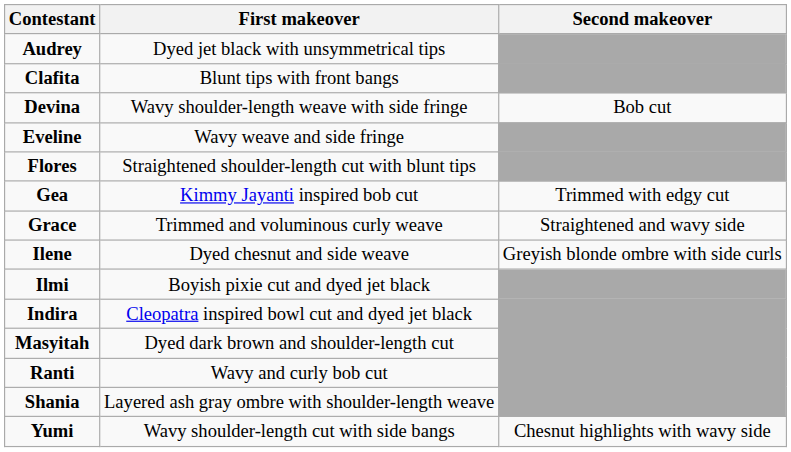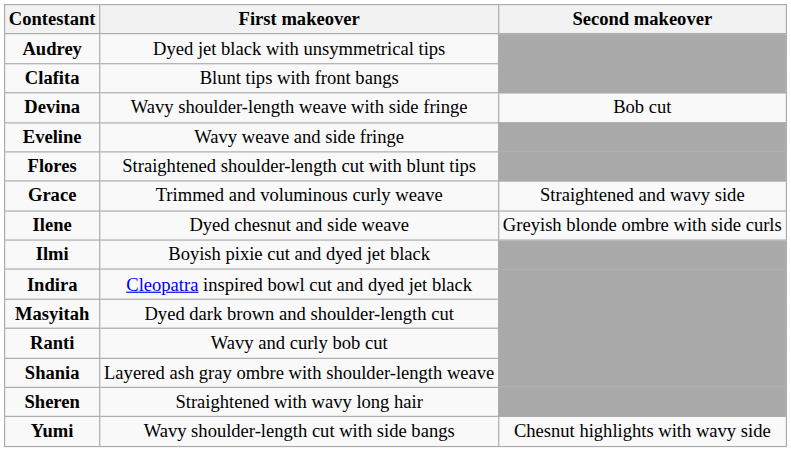 <table class="wikitable" style="text-align:center;">
 <tr>
 <th>Contestant</th>
 <th>First makeover</th>
 <th>Second makeover</th>
 </tr>
 <tr>
 <td><strong>Audrey</strong></td>
 <td>Dyed jet black with unsymmetrical tips</td>
 <td style="background:darkgray;"></td>
 </tr>
 <tr>
 <td><strong>Clafita</strong></td>
 <td>Blunt tips with front bangs</td>
 <td style="background:darkgray;"></td>
 </tr>
 <tr>
 <td><strong>Devina</strong></td>
 <td>Wavy shoulder-length weave with side fringe</td>
 <td>Bob cut</td>
 </tr>
 <tr>
 <td><strong>Eveline</strong></td>
 <td>Wavy weave and side fringe</td>
 <td style="background:darkgray;"></td>
 </tr>
 <tr>
 <td><strong>Flores</strong></td>
 <td>Straightened shoulder-length cut with blunt tips</td>
 <td style="background:darkgray;"></td>
-</tr>
-<tr>
-<td><strong>Gea</strong></td>
-<td><a href='#'>Kimmy Jayanti</a> inspired bob cut</td>
-<td>Trimmed with edgy cut</td>
 </tr>
 <tr>
 <td><strong>Grace</strong></td>
 <td>Trimmed and voluminous curly weave</td>
 <td>Straightened and wavy side</td>
 </tr>
 <tr>
 <td><strong>Ilene</strong></td>
 <td>Dyed chesnut and side weave</td>
 <td>Greyish blonde ombre with side curls</td>
 </tr>
 <tr>
 <td><strong>Ilmi</strong></td>
 <td>Boyish pixie cut and dyed jet black</td>
 <td style="background:darkgray;"></td>
 </tr>
 <tr>
 <td><strong>Indira</strong></td>
 <td><a href='#'>Cleopatra</a> inspired bowl cut and dyed jet black</td>
 <td rowspan="4" style="background:darkgray;"></td>
 </tr>
 <tr>
 <td><strong>Masyitah</strong></td>
 <td>Dyed dark brown and shoulder-length cut</td>
 </tr>
 <tr>
 <td><strong>Ranti</strong></td>
 <td>Wavy and curly bob cut</td>
 </tr>
 <tr>
 <td><strong>Shania</strong></td>
 <td>Layered ash gray ombre with shoulder-length weave</td>
 </tr>
 <tr>
+<td><strong>Sheren</strong></td>
+<td>Straightened with wavy long hair</td>
+<td style="background:darkgray;"></td>
+</tr>
+<tr>
 <td><strong>Yumi</strong></td>
 <td>Wavy shoulder-length cut with side bangs</td>
 <td>Chesnut highlights with wavy side</td>
 </tr>
 </table>
